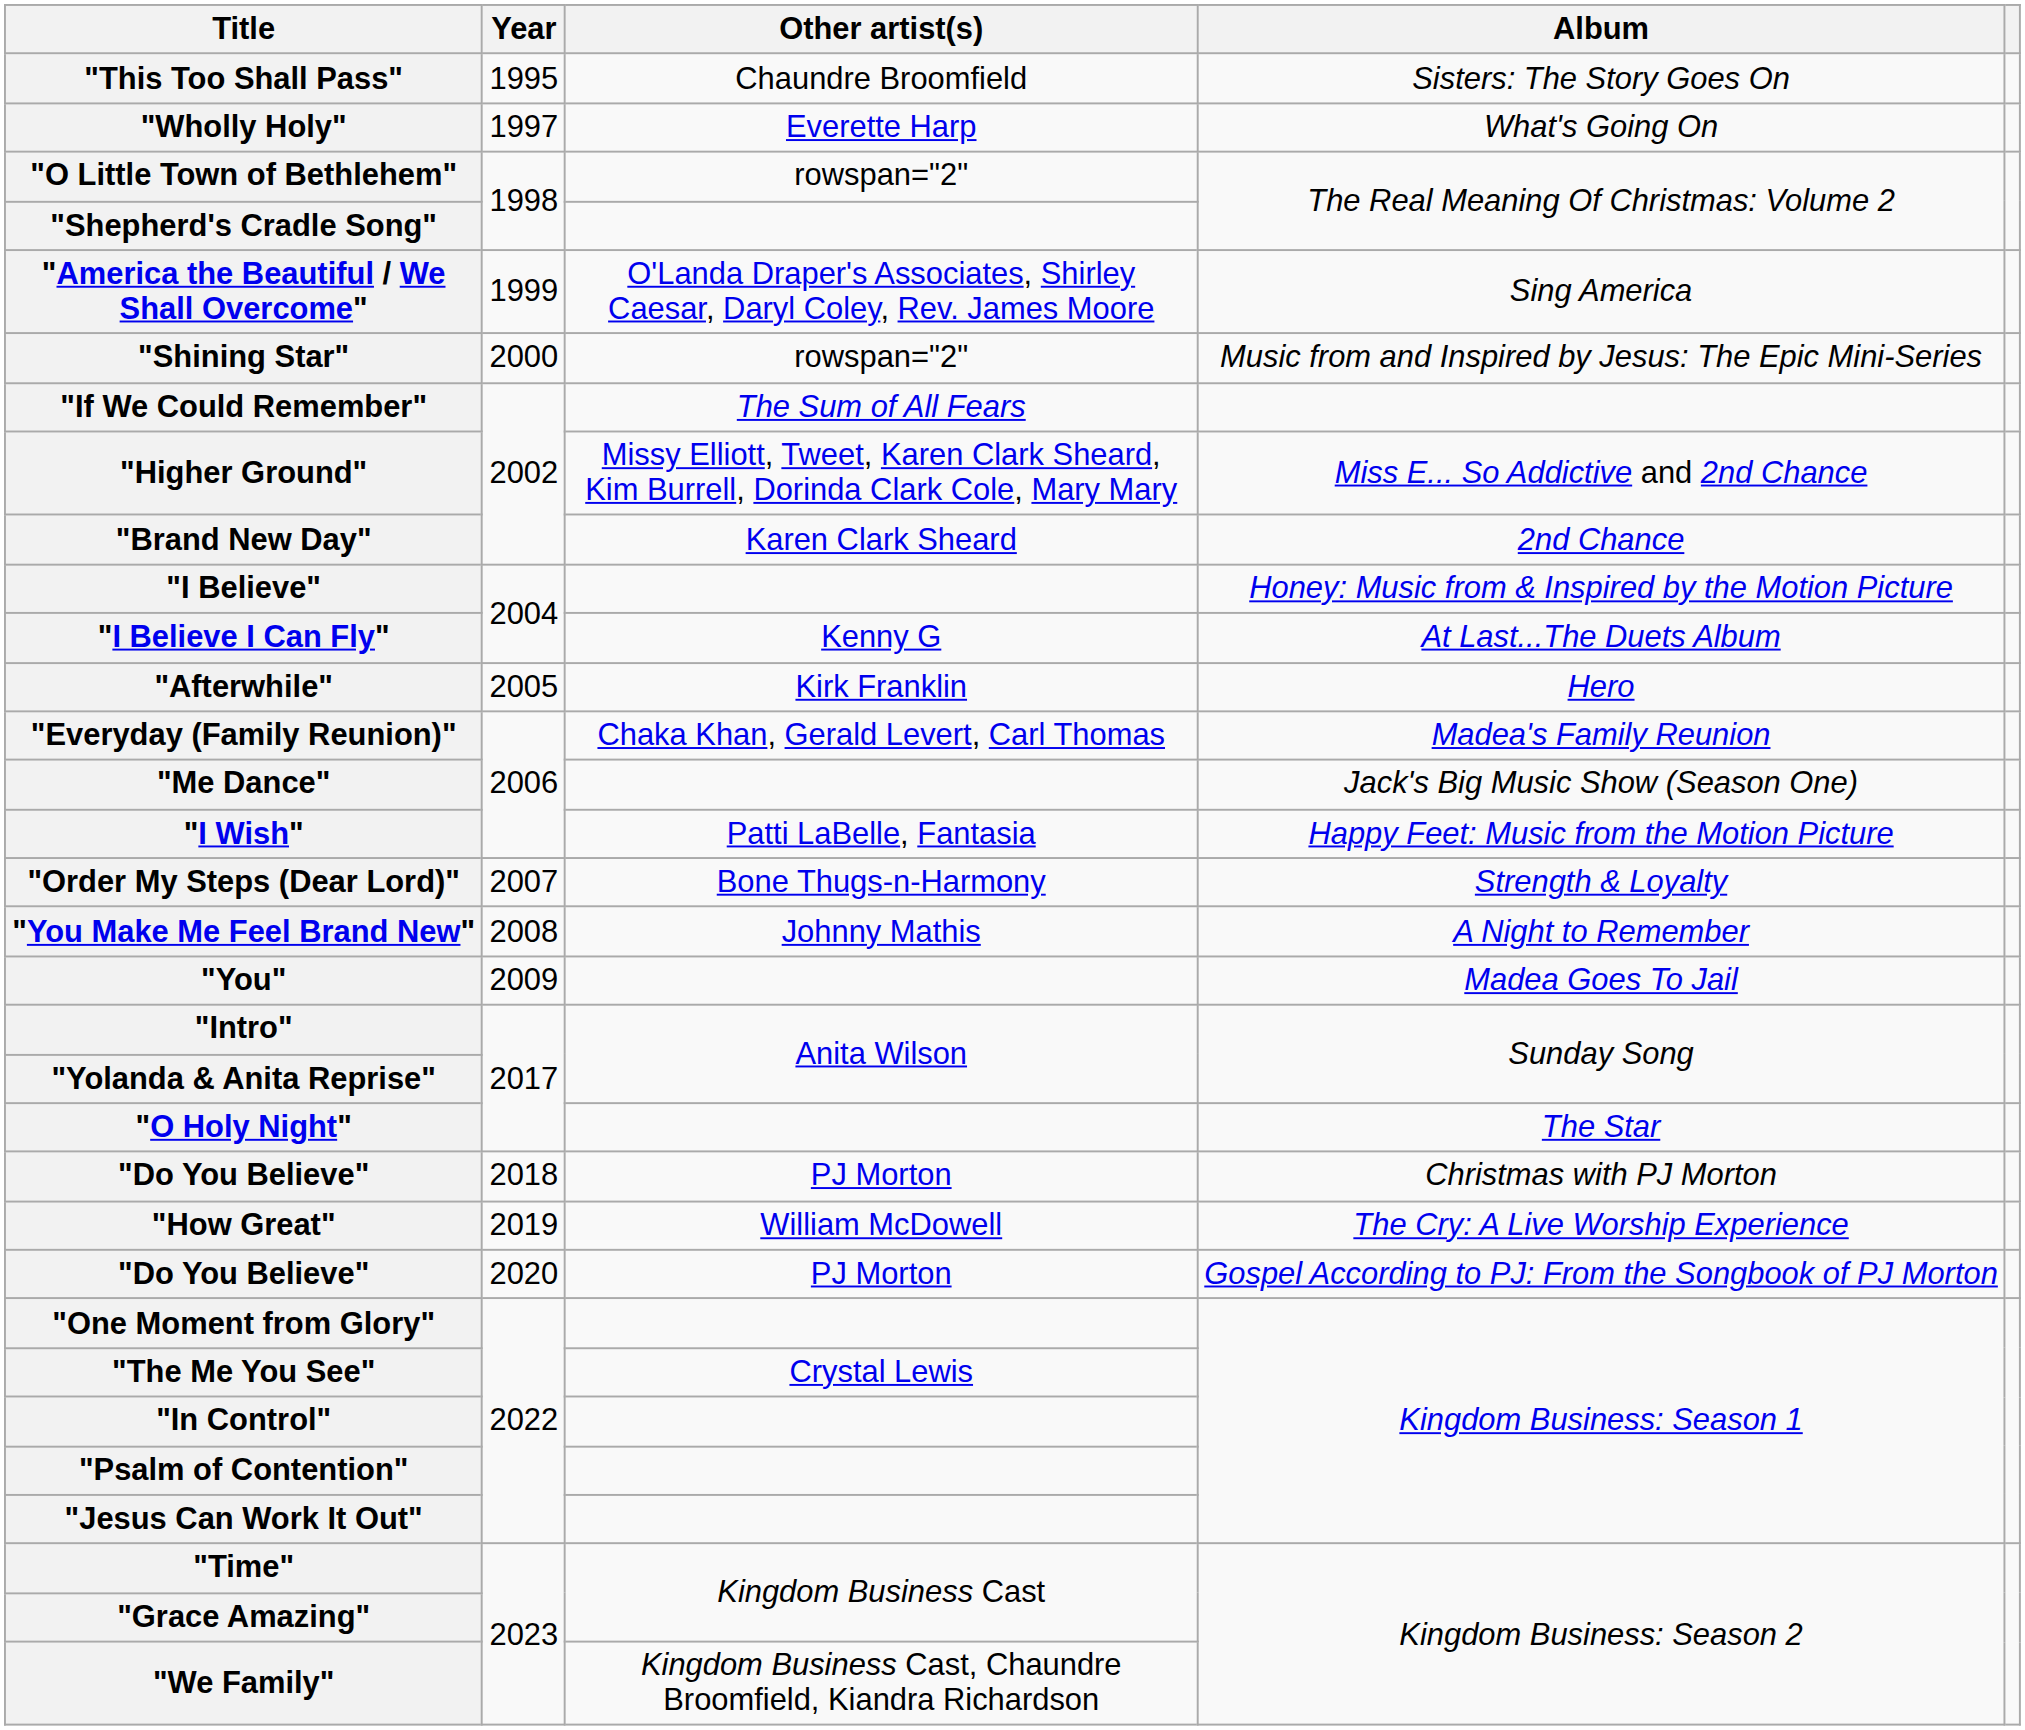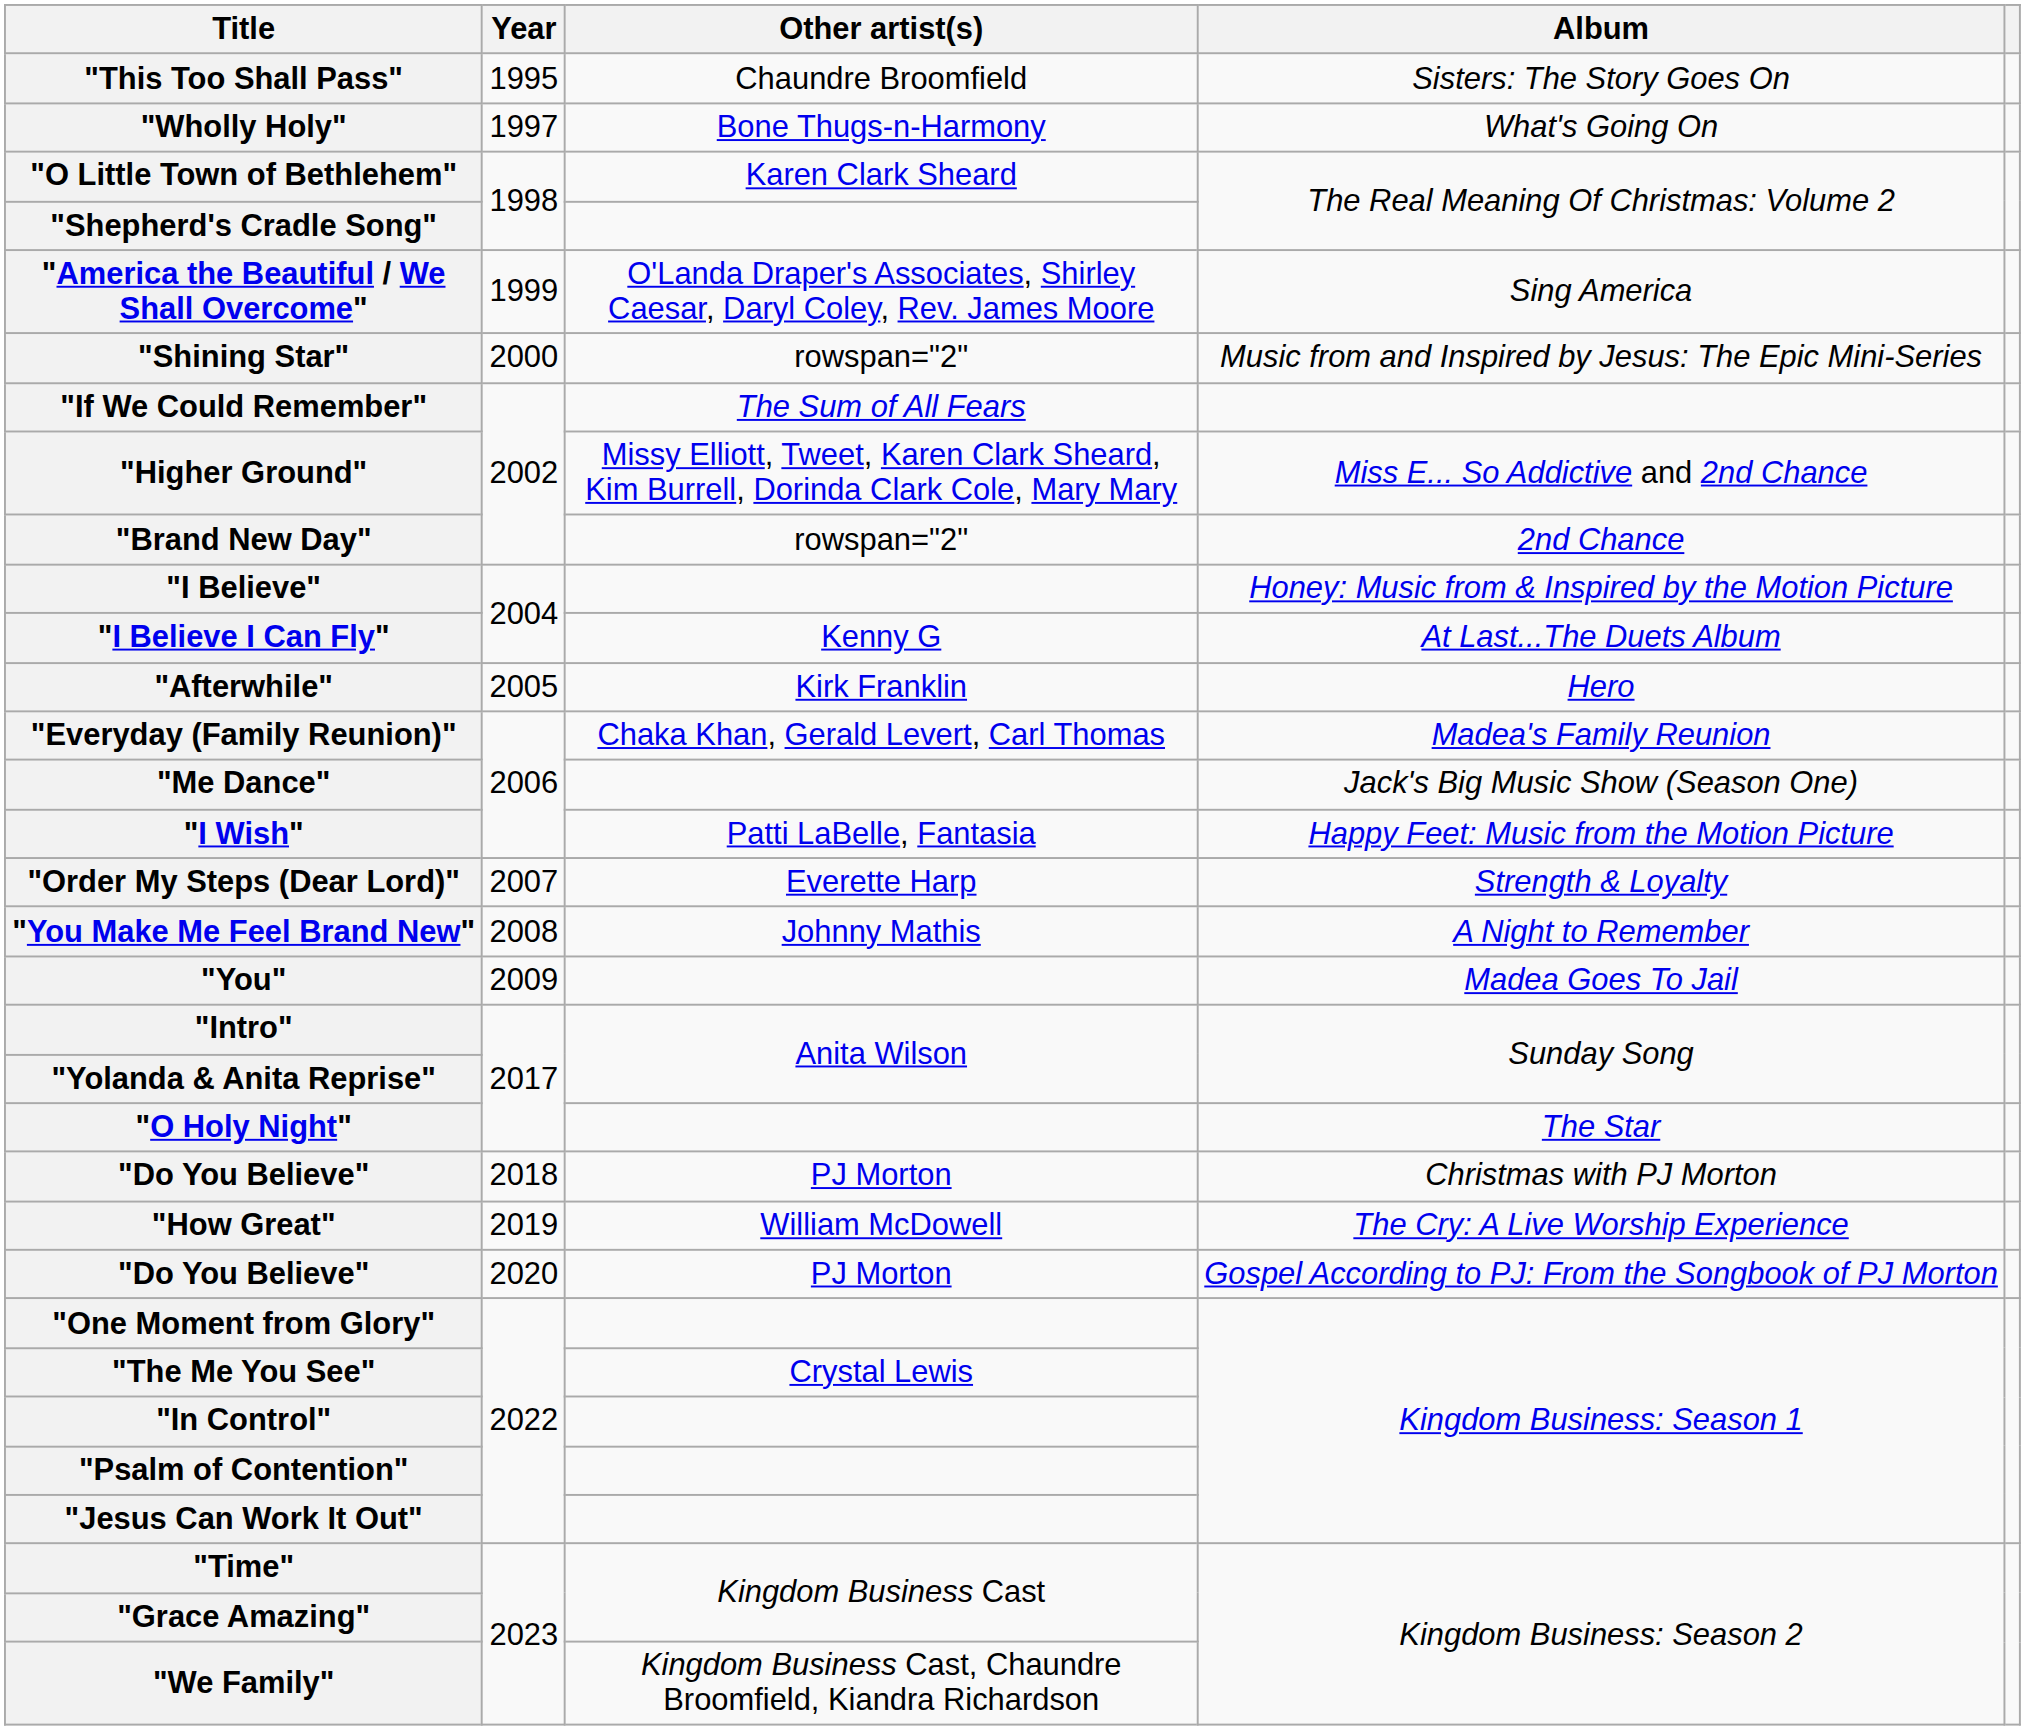 <table class="wikitable plainrowheaders" style="text-align:center;" border="1">
 <tr>
 <th scope="col" style="width:15em;">Title</th>
 <th scope="col">Year</th>
 <th scope="col" style="width:20em;">Other artist(s)</th>
 <th scope="col">Album</th>
 <th scope="col"></th>
 </tr>
 <tr>
 <th scope="row">"This Too Shall Pass"</th>
 <td>1995</td>
 <td>Chaundre Broomfield</td>
 <td><em>Sisters: The Story Goes On</em></td>
 <td></td>
 </tr>
 <tr>
 <th scope="row">"Wholly Holy"</th>
 <td>1997</td>
-<td><a href='#'>Everette Harp</a></td>
+<td><a href='#'>Bone Thugs-n-Harmony</a></td>
 <td><em>What's Going On</em></td>
 <td></td>
 </tr>
 <tr>
 <th scope="row">"O Little Town of Bethlehem"</th>
 <td rowspan="2">1998</td>
-<td>rowspan="2" </td>
+<td><a href='#'>Karen Clark Sheard</a></td>
 <td rowspan="2"><em>The Real Meaning Of Christmas: Volume 2</em></td>
 <td rowspan="2"></td>
 </tr>
 <tr>
 <th scope="row">"Shepherd's Cradle Song"</th>
 </tr>
 <tr>
 <th scope="row">"<a href='#'>America the Beautiful</a> / <a href='#'>We Shall Overcome</a>"</th>
 <td>1999</td>
 <td><a href='#'>O'Landa Draper's Associates</a>, <a href='#'>Shirley Caesar</a>, <a href='#'>Daryl Coley</a>, <a href='#'>Rev. James Moore</a></td>
 <td><em>Sing America</em></td>
 <td></td>
 </tr>
 <tr>
 <th scope="row">"Shining Star"</th>
 <td>2000</td>
 <td>rowspan="2" </td>
 <td><em>Music from and Inspired by Jesus: The Epic Mini-Series</em></td>
 <td></td>
 </tr>
 <tr>
 <th scope="row">"If We Could Remember"</th>
 <td rowspan="3">2002</td>
 <td><em><a href='#'>The Sum of All Fears</a></em></td>
 <td></td>
 </tr>
 <tr>
 <th scope="row">"Higher Ground"</th>
 <td><a href='#'>Missy Elliott</a>, <a href='#'>Tweet</a>, <a href='#'>Karen Clark Sheard</a>, <a href='#'>Kim Burrell</a>, <a href='#'>Dorinda Clark Cole</a>, <a href='#'>Mary Mary</a></td>
 <td><em><a href='#'>Miss E... So Addictive</a></em> and <em><a href='#'>2nd Chance</a></em></td>
 <td></td>
 </tr>
 <tr>
 <th scope="row">"Brand New Day"</th>
-<td><a href='#'>Karen Clark Sheard</a></td>
+<td>rowspan="2" </td>
 <td><em><a href='#'>2nd Chance</a></em></td>
 <td></td>
 </tr>
 <tr>
 <th scope="row">"I Believe"</th>
 <td rowspan="2">2004</td>
 <td></td>
 <td><em><a href='#'>Honey: Music from & Inspired by the Motion Picture</a></em></td>
 <td></td>
 </tr>
 <tr>
 <th scope="row">"<a href='#'>I Believe I Can Fly</a>"</th>
 <td><a href='#'>Kenny G</a></td>
 <td><em><a href='#'>At Last...The Duets Album</a></em></td>
 <td></td>
 </tr>
 <tr>
 <th scope="row">"Afterwhile"</th>
 <td>2005</td>
 <td><a href='#'>Kirk Franklin</a></td>
 <td><em><a href='#'>Hero</a></em></td>
 <td></td>
 </tr>
 <tr>
 <th scope="row">"Everyday (Family Reunion)"</th>
 <td rowspan="3">2006</td>
 <td><a href='#'>Chaka Khan</a>, <a href='#'>Gerald Levert</a>, <a href='#'>Carl Thomas</a></td>
 <td><em><a href='#'>Madea's Family Reunion</a></em></td>
 <td></td>
 </tr>
 <tr>
 <th scope="row">"Me Dance"</th>
 <td></td>
 <td><em>Jack's Big Music Show (Season One)</em></td>
 <td></td>
 </tr>
 <tr>
 <th scope="row">"<a href='#'>I Wish</a>"</th>
 <td><a href='#'>Patti LaBelle</a>, <a href='#'>Fantasia</a></td>
 <td><em><a href='#'>Happy Feet: Music from the Motion Picture</a></em></td>
 <td></td>
 </tr>
 <tr>
 <th scope="row">"Order My Steps (Dear Lord)"</th>
 <td>2007</td>
-<td><a href='#'>Bone Thugs-n-Harmony</a></td>
+<td><a href='#'>Everette Harp</a></td>
 <td><em><a href='#'>Strength & Loyalty</a></em></td>
 <td></td>
 </tr>
 <tr>
 <th scope="row">"<a href='#'>You Make Me Feel Brand New</a>"</th>
 <td>2008</td>
 <td><a href='#'>Johnny Mathis</a></td>
 <td><em><a href='#'>A Night to Remember</a></em></td>
 <td></td>
 </tr>
 <tr>
 <th scope="row">"You"</th>
 <td>2009</td>
 <td></td>
 <td><em><a href='#'>Madea Goes To Jail</a></em></td>
 <td></td>
 </tr>
 <tr>
 <th scope="row">"Intro"</th>
 <td rowspan="3">2017</td>
 <td rowspan="2"><a href='#'>Anita Wilson</a></td>
 <td rowspan="2"><em>Sunday Song</em></td>
 <td rowspan="2"></td>
 </tr>
 <tr>
 <th scope="row">"Yolanda & Anita Reprise"</th>
 </tr>
 <tr>
 <th scope="row">"<a href='#'>O Holy Night</a>"</th>
 <td></td>
 <td rowspan="1"><em><a href='#'>The Star</a></em></td>
 <td rowspan="1"></td>
 </tr>
 <tr>
 <th scope="row">"Do You Believe"</th>
 <td>2018</td>
 <td><a href='#'>PJ Morton</a></td>
 <td><em>Christmas with PJ Morton</em></td>
 <td></td>
 </tr>
 <tr>
 <th scope="row">"How Great"</th>
 <td>2019</td>
 <td><a href='#'>William McDowell</a></td>
 <td><em><a href='#'>The Cry: A Live Worship Experience</a></em></td>
 <td></td>
 </tr>
 <tr>
 <th scope="row">"Do You Believe"</th>
 <td>2020</td>
 <td><a href='#'>PJ Morton</a></td>
 <td><em><a href='#'>Gospel According to PJ: From the Songbook of PJ Morton</a></em></td>
 <td></td>
 </tr>
 <tr>
 <th scope="row">"One Moment from Glory"</th>
 <td rowspan="5">2022</td>
 <td></td>
 <td rowspan="5"><em><a href='#'>Kingdom Business: Season 1</a></em></td>
 <td rowspan="5"></td>
 </tr>
 <tr>
 <th scope="row">"The Me You See"</th>
 <td><a href='#'>Crystal Lewis</a></td>
 </tr>
 <tr>
 <th scope="row">"In Control"</th>
 <td></td>
 </tr>
 <tr>
 <th scope="row">"Psalm of Contention"</th>
 <td></td>
 </tr>
 <tr>
 <th scope="row">"Jesus Can Work It Out"</th>
 <td></td>
 </tr>
 <tr>
 <th scope="row">"Time"</th>
 <td rowspan="3">2023</td>
 <td rowspan="2"><em>Kingdom Business</em> Cast</td>
 <td rowspan="3"><em>Kingdom Business: Season 2</em></td>
 <td rowspan="3"></td>
 </tr>
 <tr>
 <th scope="row">"Grace Amazing"</th>
 </tr>
 <tr>
 <th scope="row">"We Family"</th>
 <td><em>Kingdom Business</em> Cast, Chaundre Broomfield, Kiandra Richardson</td>
 </tr>
 </table>
